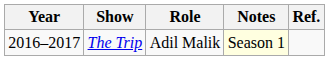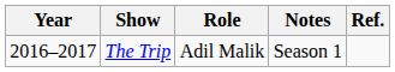 <table class="wikitable sortable">
 <tr>
 <th>Year</th>
 <th>Show</th>
 <th>Role</th>
 <th>Notes</th>
 <th>Ref.</th>
 </tr>
 <tr>
 <td>2016–2017</td>
 <td><em><a href='#'>The Trip</a></em></td>
 <td>Adil Malik</td>
-<td style="background: lightyellow;">Season 1</td>
+<td>Season 1</td>
 <td></td>
 </tr>
 <tr>
 </tr>
 </table>
